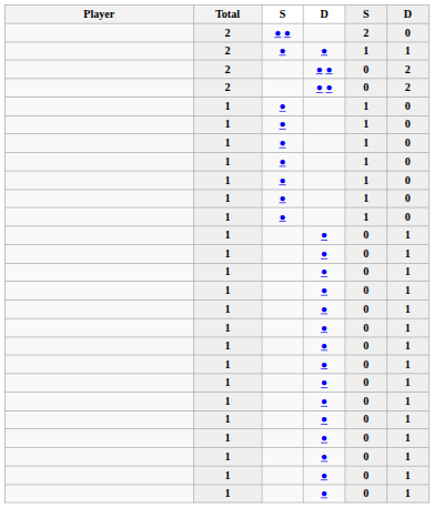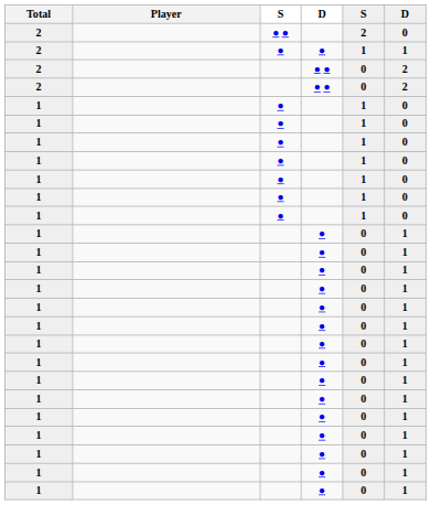 <table class="sortable wikitable" style="font-size:90%;">
 <tr>
+<th width=81>Total</th>
 <th width=236>Player</th>
-<th width=81>Total</th>
 <th width=47 style="background:#FFFFFF"> S </th>
 <th width=47 style="background:#FFFFFF"> D </th>
 <th width=47 style="background:#efefef"> S </th>
 <th width=47 style="background:#efefef"> D </th>
 </tr>
 <tr align=center>
+<td bgcolor=#efefef><strong>2</strong></td>
 <td align=left></td>
-<td bgcolor=#efefef><strong>2</strong></td>
 <td><a href='#'>●</a> <a href='#'>●</a></td>
 <td></td>
 <td bgcolor=#efefef><strong>2</strong></td>
 <td bgcolor=#efefef><strong>0</strong></td>
 </tr>
 <tr align=center>
+<td bgcolor=#efefef><strong>2</strong></td>
 <td align=left></td>
-<td bgcolor=#efefef><strong>2</strong></td>
 <td><a href='#'>●</a></td>
 <td><a href='#'>●</a></td>
 <td bgcolor=#efefef><strong>1</strong></td>
 <td bgcolor=#efefef><strong>1</strong></td>
 </tr>
 <tr align=center>
+<td bgcolor=#efefef><strong>2</strong></td>
 <td align=left></td>
-<td bgcolor=#efefef><strong>2</strong></td>
 <td></td>
 <td><a href='#'>●</a> <a href='#'>●</a></td>
 <td bgcolor=#efefef><strong>0</strong></td>
 <td bgcolor=#efefef><strong>2</strong></td>
 </tr>
 <tr align=center>
+<td bgcolor=#efefef><strong>2</strong></td>
 <td align=left></td>
-<td bgcolor=#efefef><strong>2</strong></td>
 <td></td>
 <td><a href='#'>●</a> <a href='#'>●</a></td>
 <td bgcolor=#efefef><strong>0</strong></td>
 <td bgcolor=#efefef><strong>2</strong></td>
 </tr>
 <tr align=center>
+<td bgcolor=#efefef><strong>1</strong></td>
 <td align=left></td>
-<td bgcolor=#efefef><strong>1</strong></td>
 <td><a href='#'>●</a></td>
 <td></td>
 <td bgcolor=#efefef><strong>1</strong></td>
 <td bgcolor=#efefef><strong>0</strong></td>
 </tr>
 <tr align=center>
+<td bgcolor=#efefef><strong>1</strong></td>
 <td align=left></td>
-<td bgcolor=#efefef><strong>1</strong></td>
 <td><a href='#'>●</a></td>
 <td></td>
 <td bgcolor=#efefef><strong>1</strong></td>
 <td bgcolor=#efefef><strong>0</strong></td>
 </tr>
 <tr align=center>
+<td bgcolor=#efefef><strong>1</strong></td>
 <td align=left></td>
-<td bgcolor=#efefef><strong>1</strong></td>
 <td><a href='#'>●</a></td>
 <td></td>
 <td bgcolor=#efefef><strong>1</strong></td>
 <td bgcolor=#efefef><strong>0</strong></td>
 </tr>
 <tr align=center>
+<td bgcolor=#efefef><strong>1</strong></td>
 <td align=left></td>
-<td bgcolor=#efefef><strong>1</strong></td>
 <td><a href='#'>●</a></td>
 <td></td>
 <td bgcolor=#efefef><strong>1</strong></td>
 <td bgcolor=#efefef><strong>0</strong></td>
 </tr>
 <tr align=center>
+<td bgcolor=#efefef><strong>1</strong></td>
 <td align=left></td>
-<td bgcolor=#efefef><strong>1</strong></td>
 <td><a href='#'>●</a></td>
 <td></td>
 <td bgcolor=#efefef><strong>1</strong></td>
 <td bgcolor=#efefef><strong>0</strong></td>
 </tr>
 <tr align=center>
+<td bgcolor=#efefef><strong>1</strong></td>
 <td align=left></td>
-<td bgcolor=#efefef><strong>1</strong></td>
 <td><a href='#'>●</a></td>
 <td></td>
 <td bgcolor=#efefef><strong>1</strong></td>
 <td bgcolor=#efefef><strong>0</strong></td>
 </tr>
 <tr align=center>
+<td bgcolor=#efefef><strong>1</strong></td>
 <td align=left></td>
-<td bgcolor=#efefef><strong>1</strong></td>
 <td><a href='#'>●</a></td>
 <td></td>
 <td bgcolor=#efefef><strong>1</strong></td>
 <td bgcolor=#efefef><strong>0</strong></td>
 </tr>
 <tr align=center>
+<td bgcolor=#efefef><strong>1</strong></td>
 <td align=left></td>
-<td bgcolor=#efefef><strong>1</strong></td>
 <td></td>
 <td><a href='#'>●</a></td>
 <td bgcolor=#efefef><strong>0</strong></td>
 <td bgcolor=#efefef><strong>1</strong></td>
 </tr>
 <tr align=center>
+<td bgcolor=#efefef><strong>1</strong></td>
 <td align=left></td>
-<td bgcolor=#efefef><strong>1</strong></td>
 <td></td>
 <td><a href='#'>●</a></td>
 <td bgcolor=#efefef><strong>0</strong></td>
 <td bgcolor=#efefef><strong>1</strong></td>
 </tr>
 <tr align=center>
+<td bgcolor=#efefef><strong>1</strong></td>
 <td align=left></td>
-<td bgcolor=#efefef><strong>1</strong></td>
 <td></td>
 <td><a href='#'>●</a></td>
 <td bgcolor=#efefef><strong>0</strong></td>
 <td bgcolor=#efefef><strong>1</strong></td>
 </tr>
 <tr align=center>
+<td bgcolor=#efefef><strong>1</strong></td>
 <td align=left></td>
-<td bgcolor=#efefef><strong>1</strong></td>
 <td></td>
 <td><a href='#'>●</a></td>
 <td bgcolor=#efefef><strong>0</strong></td>
 <td bgcolor=#efefef><strong>1</strong></td>
 </tr>
 <tr align=center>
+<td bgcolor=#efefef><strong>1</strong></td>
 <td align=left></td>
-<td bgcolor=#efefef><strong>1</strong></td>
 <td></td>
 <td><a href='#'>●</a></td>
 <td bgcolor=#efefef><strong>0</strong></td>
 <td bgcolor=#efefef><strong>1</strong></td>
 </tr>
 <tr align=center>
+<td bgcolor=#efefef><strong>1</strong></td>
 <td align=left></td>
-<td bgcolor=#efefef><strong>1</strong></td>
 <td></td>
 <td><a href='#'>●</a></td>
 <td bgcolor=#efefef><strong>0</strong></td>
 <td bgcolor=#efefef><strong>1</strong></td>
 </tr>
 <tr align=center>
+<td bgcolor=#efefef><strong>1</strong></td>
 <td align=left></td>
-<td bgcolor=#efefef><strong>1</strong></td>
 <td></td>
 <td><a href='#'>●</a></td>
 <td bgcolor=#efefef><strong>0</strong></td>
 <td bgcolor=#efefef><strong>1</strong></td>
 </tr>
 <tr align=center>
+<td bgcolor=#efefef><strong>1</strong></td>
 <td align=left></td>
-<td bgcolor=#efefef><strong>1</strong></td>
 <td></td>
 <td><a href='#'>●</a></td>
 <td bgcolor=#efefef><strong>0</strong></td>
 <td bgcolor=#efefef><strong>1</strong></td>
 </tr>
 <tr align=center>
+<td bgcolor=#efefef><strong>1</strong></td>
 <td align=left></td>
-<td bgcolor=#efefef><strong>1</strong></td>
 <td></td>
 <td><a href='#'>●</a></td>
 <td bgcolor=#efefef><strong>0</strong></td>
 <td bgcolor=#efefef><strong>1</strong></td>
 </tr>
 <tr align=center>
+<td bgcolor=#efefef><strong>1</strong></td>
 <td align=left></td>
-<td bgcolor=#efefef><strong>1</strong></td>
 <td></td>
 <td><a href='#'>●</a></td>
 <td bgcolor=#efefef><strong>0</strong></td>
 <td bgcolor=#efefef><strong>1</strong></td>
 </tr>
 <tr align=center>
+<td bgcolor=#efefef><strong>1</strong></td>
 <td align=left></td>
-<td bgcolor=#efefef><strong>1</strong></td>
 <td></td>
 <td><a href='#'>●</a></td>
 <td bgcolor=#efefef><strong>0</strong></td>
 <td bgcolor=#efefef><strong>1</strong></td>
 </tr>
 <tr align=center>
+<td bgcolor=#efefef><strong>1</strong></td>
 <td align=left></td>
-<td bgcolor=#efefef><strong>1</strong></td>
 <td></td>
 <td><a href='#'>●</a></td>
 <td bgcolor=#efefef><strong>0</strong></td>
 <td bgcolor=#efefef><strong>1</strong></td>
 </tr>
 <tr align=center>
+<td bgcolor=#efefef><strong>1</strong></td>
 <td align=left></td>
-<td bgcolor=#efefef><strong>1</strong></td>
 <td></td>
 <td><a href='#'>●</a></td>
 <td bgcolor=#efefef><strong>0</strong></td>
 <td bgcolor=#efefef><strong>1</strong></td>
 </tr>
 <tr align=center>
+<td bgcolor=#efefef><strong>1</strong></td>
 <td align=left></td>
-<td bgcolor=#efefef><strong>1</strong></td>
 <td></td>
 <td><a href='#'>●</a></td>
 <td bgcolor=#efefef><strong>0</strong></td>
 <td bgcolor=#efefef><strong>1</strong></td>
 </tr>
 <tr align=center>
+<td bgcolor=#efefef><strong>1</strong></td>
 <td align=left></td>
-<td bgcolor=#efefef><strong>1</strong></td>
 <td></td>
 <td><a href='#'>●</a></td>
 <td bgcolor=#efefef><strong>0</strong></td>
 <td bgcolor=#efefef><strong>1</strong></td>
 </tr>
 </table>
